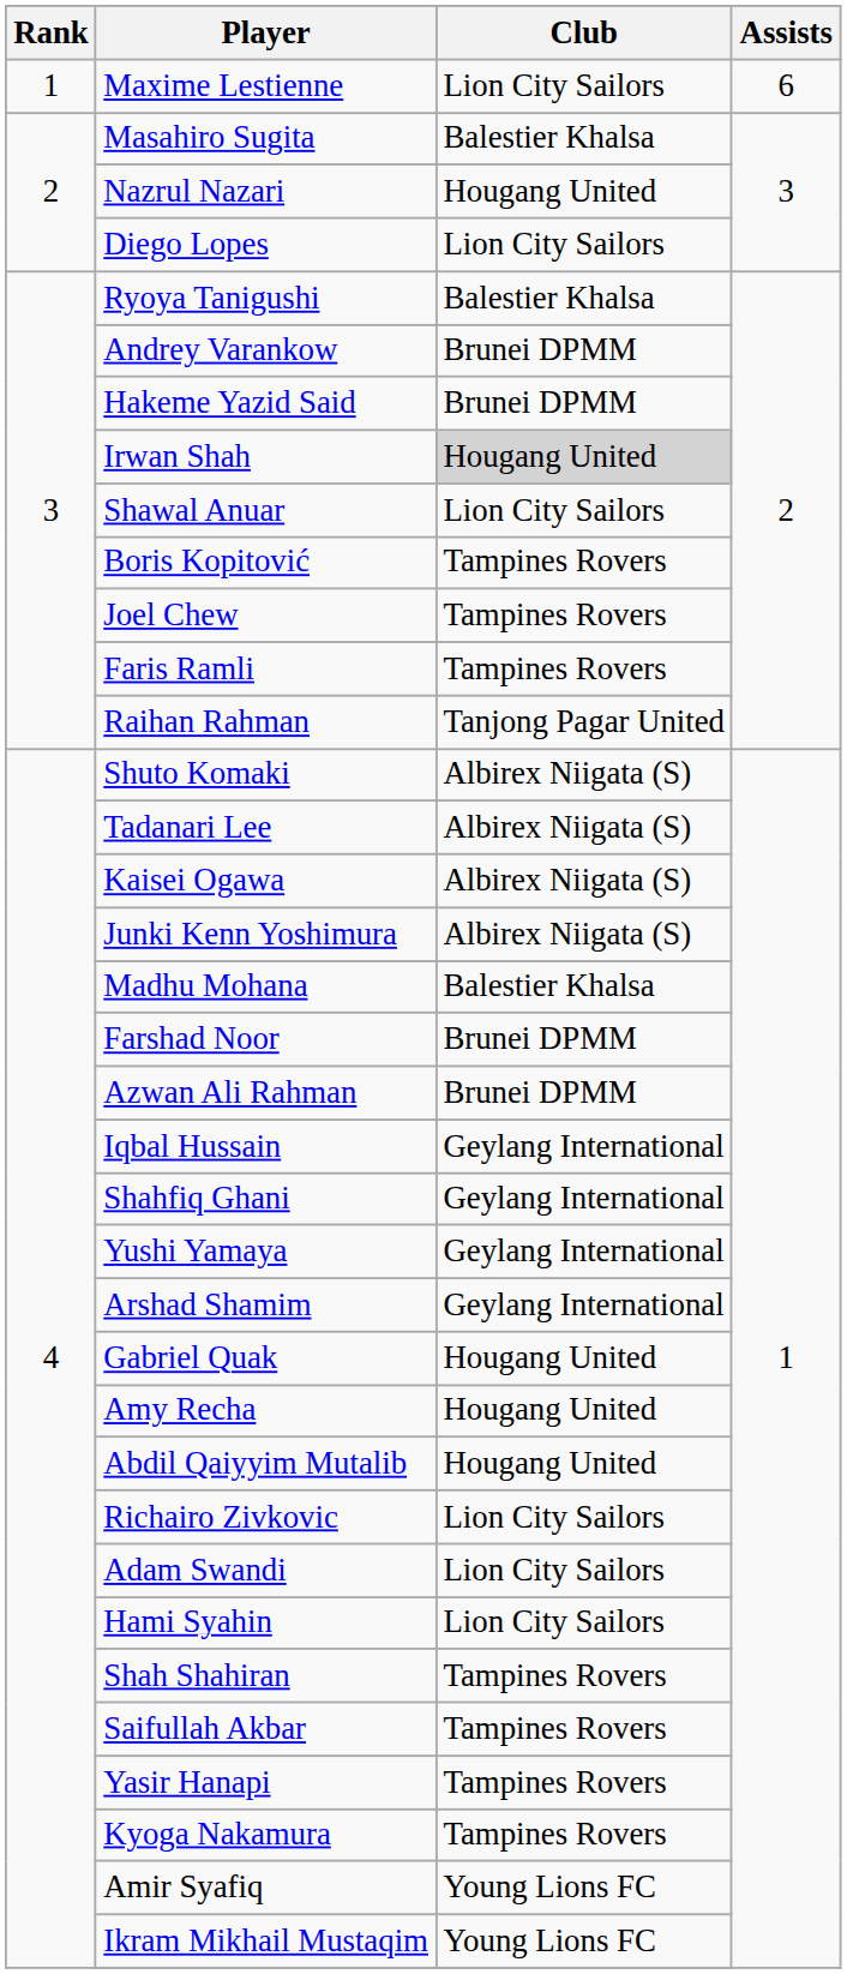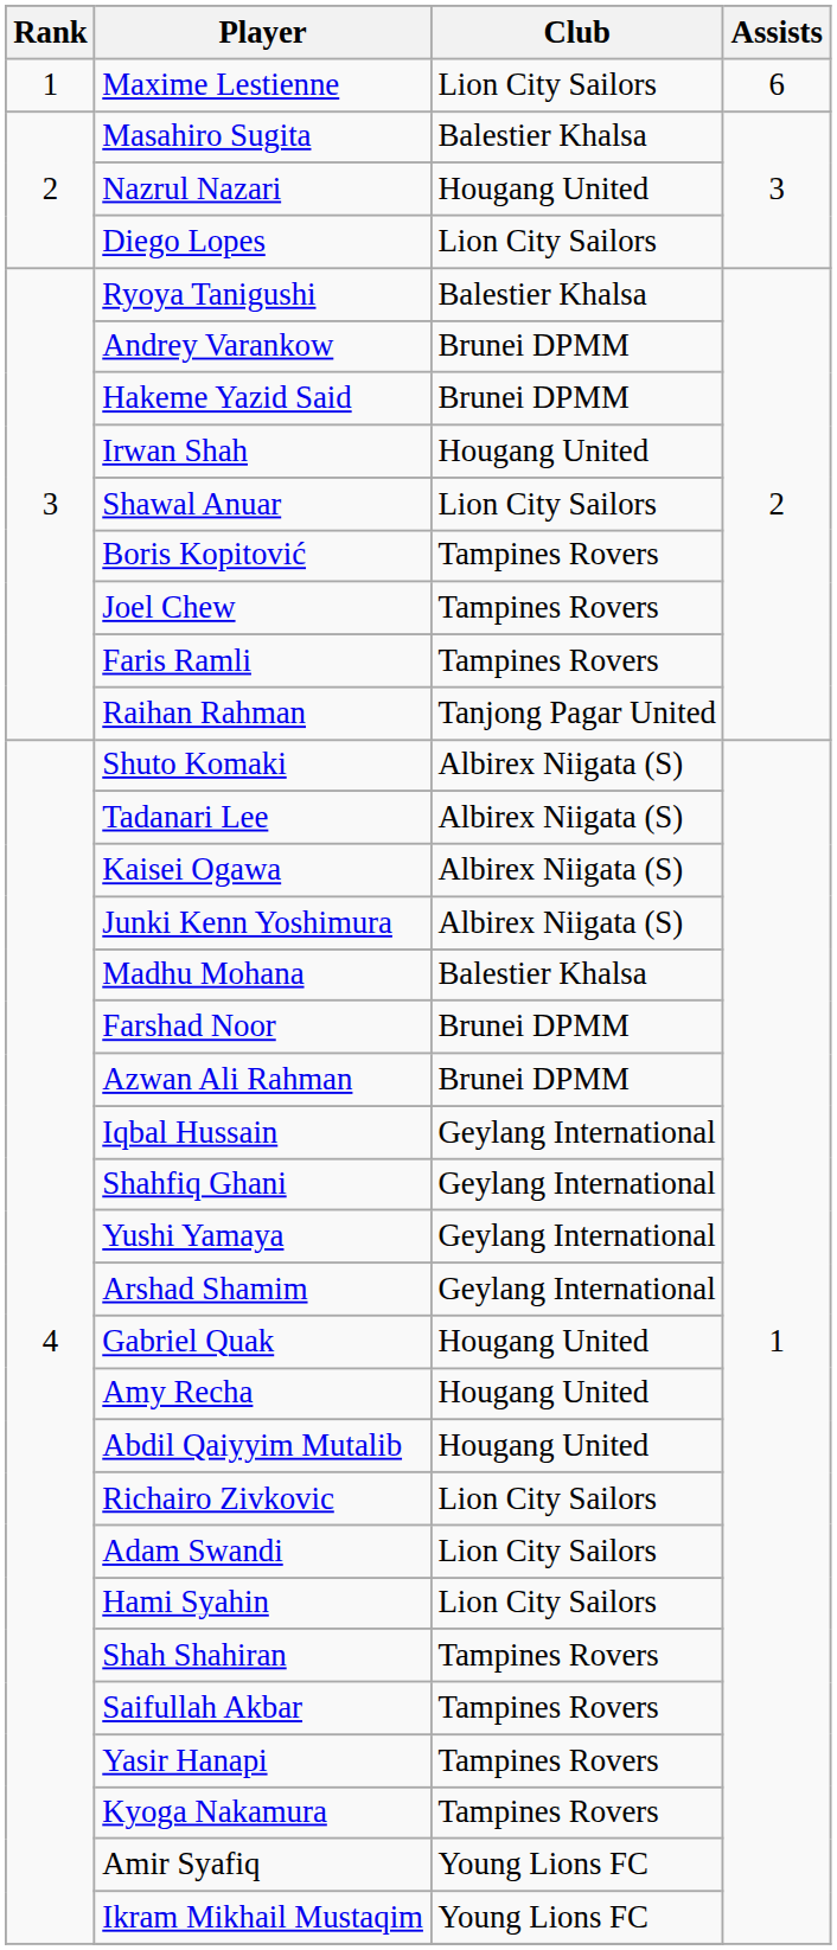 <table class="wikitable plainrowheaders sortable" style="font-size:90%">
 <tr>
 <th>Rank</th>
 <th>Player</th>
 <th>Club</th>
 <th>Assists</th>
 </tr>
 <tr>
 <td align="center" rowspan="1">1</td>
 <td> <a href='#'>Maxime Lestienne</a></td>
 <td>Lion City Sailors</td>
 <td align="center" rowspan="1">6</td>
 </tr>
 <tr>
 <td align="center" rowspan="3">2</td>
 <td> <a href='#'>Masahiro Sugita</a></td>
 <td>Balestier Khalsa</td>
 <td align="center" rowspan="3">3</td>
 </tr>
 <tr>
 <td> <a href='#'>Nazrul Nazari</a></td>
 <td>Hougang United</td>
 </tr>
 <tr>
 <td> <a href='#'>Diego Lopes</a></td>
 <td>Lion City Sailors</td>
 </tr>
 <tr>
 <td align="center" rowspan="9">3</td>
 <td> <a href='#'>Ryoya Tanigushi</a></td>
 <td>Balestier Khalsa</td>
 <td align="center" rowspan="9">2</td>
 </tr>
 <tr>
 <td> <a href='#'>Andrey Varankow</a></td>
 <td>Brunei DPMM</td>
 </tr>
 <tr>
 <td> <a href='#'>Hakeme Yazid Said</a></td>
 <td>Brunei DPMM</td>
 </tr>
 <tr>
 <td> <a href='#'>Irwan Shah</a></td>
-<td style="background: lightgrey;">Hougang United</td>
+<td>Hougang United</td>
 </tr>
 <tr>
 <td> <a href='#'>Shawal Anuar</a></td>
 <td>Lion City Sailors</td>
 </tr>
 <tr>
 <td> <a href='#'>Boris Kopitović</a></td>
 <td>Tampines Rovers</td>
 </tr>
 <tr>
 <td> <a href='#'>Joel Chew</a></td>
 <td>Tampines Rovers</td>
 </tr>
 <tr>
 <td> <a href='#'>Faris Ramli</a></td>
 <td>Tampines Rovers</td>
 </tr>
 <tr>
 <td> <a href='#'>Raihan Rahman</a></td>
 <td>Tanjong Pagar United</td>
 </tr>
 <tr>
 <td align="center" rowspan="30">4</td>
 <td> <a href='#'>Shuto Komaki</a></td>
 <td>Albirex Niigata (S)</td>
 <td align="center" rowspan="30">1</td>
 </tr>
 <tr>
 <td> <a href='#'>Tadanari Lee</a></td>
 <td>Albirex Niigata (S)</td>
 </tr>
 <tr>
 <td> <a href='#'>Kaisei Ogawa</a></td>
 <td>Albirex Niigata (S)</td>
 </tr>
 <tr>
 <td> <a href='#'>Junki Kenn Yoshimura</a></td>
 <td>Albirex Niigata (S)</td>
 </tr>
 <tr>
 <td> <a href='#'>Madhu Mohana</a></td>
 <td>Balestier Khalsa</td>
 </tr>
 <tr>
 <td> <a href='#'>Farshad Noor</a></td>
 <td>Brunei DPMM</td>
 </tr>
 <tr>
 <td> <a href='#'>Azwan Ali Rahman</a></td>
 <td>Brunei DPMM</td>
 </tr>
 <tr>
 <td> <a href='#'>Iqbal Hussain</a></td>
 <td>Geylang International</td>
 </tr>
 <tr>
 <td> <a href='#'>Shahfiq Ghani</a></td>
 <td>Geylang International</td>
 </tr>
 <tr>
 <td> <a href='#'>Yushi Yamaya</a></td>
 <td>Geylang International</td>
 </tr>
 <tr>
 <td> <a href='#'>Arshad Shamim</a></td>
 <td>Geylang International</td>
 </tr>
 <tr>
 <td> <a href='#'>Gabriel Quak</a></td>
 <td>Hougang United</td>
 </tr>
 <tr>
 <td> <a href='#'>Amy Recha</a></td>
 <td>Hougang United</td>
 </tr>
 <tr>
 <td> <a href='#'>Abdil Qaiyyim Mutalib</a></td>
 <td>Hougang United</td>
 </tr>
 <tr>
 <td> <a href='#'>Richairo Zivkovic</a></td>
 <td>Lion City Sailors</td>
 </tr>
 <tr>
 <td> <a href='#'>Adam Swandi</a></td>
 <td>Lion City Sailors</td>
 </tr>
 <tr>
 <td> <a href='#'>Hami Syahin</a></td>
 <td>Lion City Sailors</td>
 </tr>
 <tr>
 <td> <a href='#'>Shah Shahiran</a></td>
 <td>Tampines Rovers</td>
 </tr>
 <tr>
 <td> <a href='#'>Saifullah Akbar</a></td>
 <td>Tampines Rovers</td>
 </tr>
 <tr>
 <td> <a href='#'>Yasir Hanapi</a></td>
 <td>Tampines Rovers</td>
 </tr>
 <tr>
 <td> <a href='#'>Kyoga Nakamura</a></td>
 <td>Tampines Rovers</td>
 </tr>
 <tr>
 <td> Amir Syafiq</td>
 <td>Young Lions FC</td>
 </tr>
 <tr>
 <td> <a href='#'>Ikram Mikhail Mustaqim</a></td>
 <td>Young Lions FC</td>
 </tr>
 <tr>
 </tr>
 </table>
